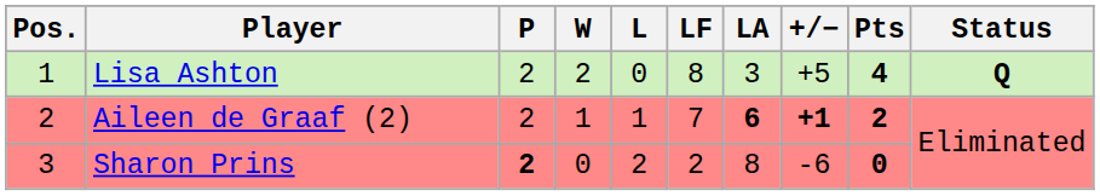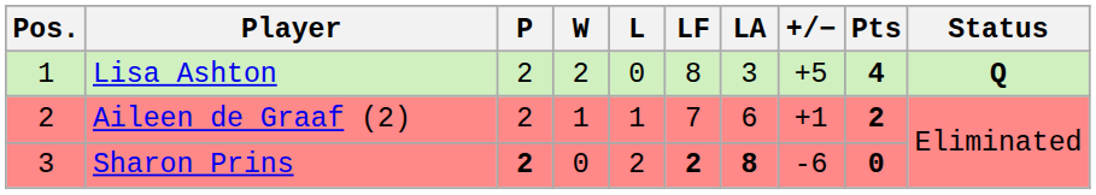 <table class="wikitable" style="text-align:center; margin: 1em auto 1em auto, align:left">
 <tr>
 <th width=20>Pos.</th>
 <th width=185>Player</th>
 <th width=20>P</th>
 <th width=20>W</th>
 <th width=20>L</th>
 <th width=20>LF</th>
 <th width=20>LA</th>
 <th width=25>+/−</th>
 <th width=20>Pts</th>
 <th width=70>Status</th>
 </tr>
 <tr style="background:#D0F0C0;">
 <td>1</td>
 <td align=left> <a href='#'>Lisa Ashton</a></td>
 <td>2</td>
 <td>2</td>
 <td>0</td>
 <td>8</td>
 <td>3</td>
 <td>+5</td>
 <td><strong>4</strong></td>
 <td rowspan=1><strong>Q</strong></td>
 </tr>
 <tr style="background:#FF8888;">
 <td>2</td>
 <td align=left> <a href='#'>Aileen de Graaf</a> (2)</td>
 <td>2</td>
 <td>1</td>
 <td>1</td>
 <td>7</td>
-<td><strong>6</strong></td>
-<td><strong>+1</strong></td>
+<td>6</td>
+<td>+1</td>
 <td><strong>2</strong></td>
 <td rowspan=2>Eliminated</td>
 </tr>
 <tr style="background:#FF8888;">
 <td>3</td>
 <td align=left> <a href='#'>Sharon Prins</a></td>
 <td><strong>2</strong></td>
 <td>0</td>
 <td>2</td>
-<td>2</td>
-<td>8</td>
+<td><strong>2</strong></td>
+<td><strong>8</strong></td>
 <td>-6</td>
 <td><strong>0</strong></td>
 </tr>
 </table>
